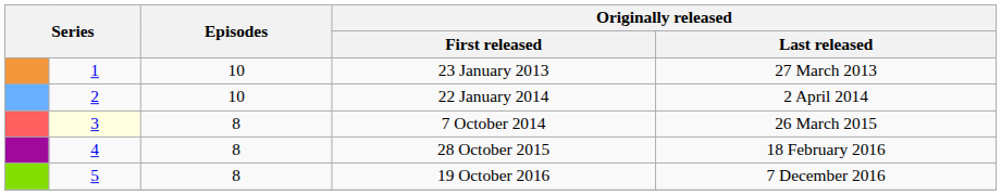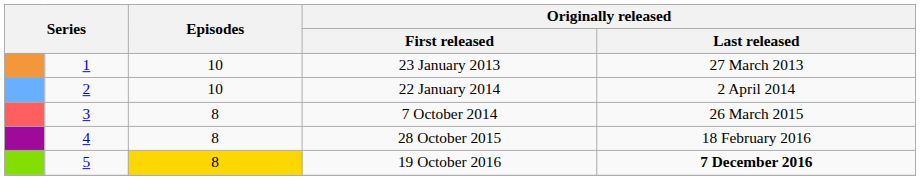 <table class="wikitable" style="text-align:center; width:60%;">
 <tr>
 <th colspan=2 rowspan=2>Series</th>
 <th rowspan=2>Episodes</th>
 <th colspan=2>Originally released</th>
 </tr>
 <tr>
 <th>First released</th>
 <th>Last released</th>
 </tr>
 <tr>
 <td style="background:#F2973C;"></td>
 <td><a href='#'>1</a></td>
 <td>10</td>
 <td>23 January 2013</td>
 <td>27 March 2013</td>
 </tr>
 <tr>
 <td style="background:#69AFFF;"></td>
 <td><a href='#'>2</a></td>
 <td>10</td>
 <td>22 January 2014</td>
 <td>2 April 2014</td>
 </tr>
 <tr>
 <td style="background:#FF5F5F;"></td>
-<td style="background: lightyellow;"><a href='#'>3</a></td>
+<td><a href='#'>3</a></td>
 <td>8</td>
 <td>7 October 2014</td>
 <td>26 March 2015</td>
 </tr>
 <tr>
 <td style="background:#9F0A9A;"></td>
 <td><a href='#'>4</a></td>
 <td>8</td>
 <td>28 October 2015</td>
 <td>18 February 2016</td>
 </tr>
 <tr>
 <td style="background:#84DE02;"></td>
 <td><a href='#'>5</a></td>
-<td>8</td>
+<td style="background: gold;">8</td>
 <td>19 October 2016</td>
-<td>7 December 2016</td>
+<td><strong>7 December 2016</strong></td>
 </tr>
 <tr>
 </tr>
 </table>
